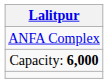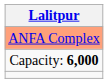 <table class="wikitable" style="text-align:center; margin: 1em auto;">
 <tr>
 <th><a href='#'>Lalitpur</a></th>
 </tr>
 <tr>
-<td style="text-align:center; "><a href='#'>ANFA Complex</a></td>
+<td style="background: lightsalmon; text-align:center; "><a href='#'>ANFA Complex</a></td>
 </tr>
 <tr>
 <td style="text-align:center; ">Capacity: <strong>6,000</strong></td>
 </tr>
 <tr>
 <td></td>
 </tr>
 </table>
